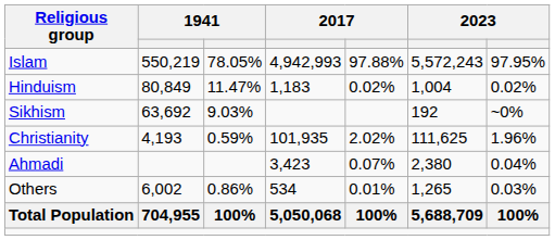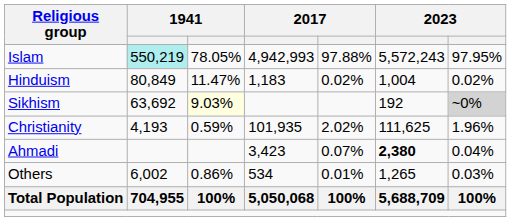 <table class="wikitable sortable">
 <tr>
 <th rowspan="2"><a href='#'>Religious</a><br>group</th>
 <th colspan="2">1941</th>
 <th colspan="2">2017</th>
 <th colspan="2">2023</th>
 </tr>
 <tr>
 <th><a href='#'></a></th>
 <th></th>
 <th></th>
 <th></th>
 <th></th>
 <th></th>
 </tr>
 <tr>
 <td><a href='#'>Islam</a> </td>
-<td>550,219</td>
+<td style="background: paleturquoise;">550,219</td>
 <td>78.05%</td>
 <td>4,942,993</td>
 <td>97.88%</td>
 <td>5,572,243</td>
 <td>97.95%</td>
 </tr>
 <tr>
 <td><a href='#'>Hinduism</a> </td>
 <td>80,849</td>
 <td>11.47%</td>
 <td>1,183</td>
 <td>0.02%</td>
 <td>1,004</td>
 <td>0.02%</td>
 </tr>
 <tr>
 <td><a href='#'>Sikhism</a> </td>
 <td>63,692</td>
-<td>9.03%</td>
+<td style="background: lightyellow;">9.03%</td>
 <td></td>
 <td></td>
 <td>192</td>
-<td>~0%</td>
+<td style="background: lightgrey;">~0%</td>
 </tr>
 <tr>
 <td><a href='#'>Christianity</a> </td>
 <td>4,193</td>
 <td>0.59%</td>
 <td>101,935</td>
 <td>2.02%</td>
 <td>111,625</td>
 <td>1.96%</td>
 </tr>
 <tr>
 <td><a href='#'>Ahmadi</a></td>
 <td></td>
 <td></td>
 <td>3,423</td>
 <td>0.07%</td>
-<td>2,380</td>
+<td><strong>2,380</strong></td>
 <td>0.04%</td>
 </tr>
 <tr>
 <td>Others</td>
 <td>6,002</td>
 <td>0.86%</td>
 <td>534</td>
 <td>0.01%</td>
 <td>1,265</td>
 <td>0.03%</td>
 </tr>
 <tr>
 <th>Total Population</th>
 <th>704,955</th>
 <th>100%</th>
 <th>5,050,068</th>
 <th>100%</th>
 <th>5,688,709</th>
 <th>100%</th>
 </tr>
 <tr class="sortbottom">
 <td colspan="7"></td>
 </tr>
 </table>
